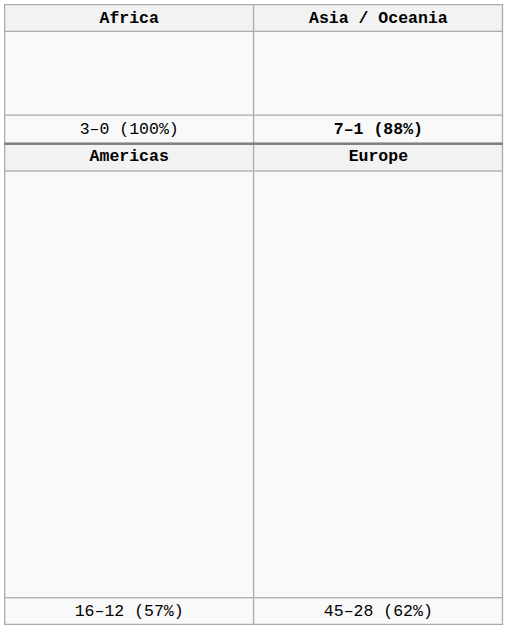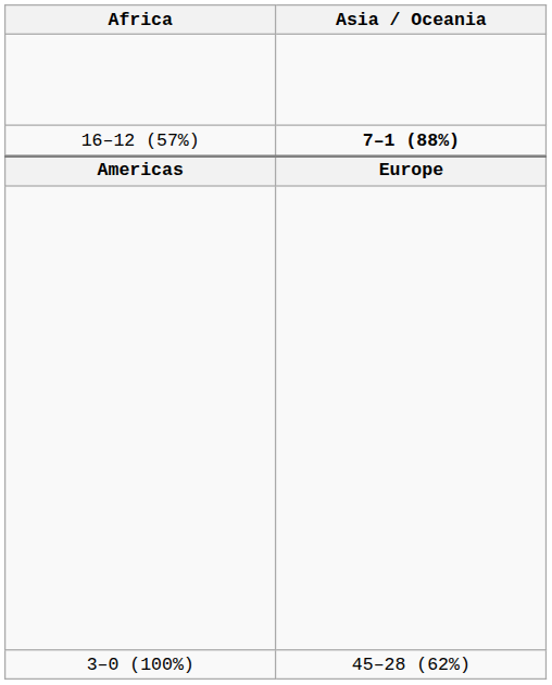 <table class="wikitable nowrap" style=text-align:center>
 <tr>
 <th width="190">Africa</th>
 <th width="190">Asia / Oceania</th>
 </tr>
 <tr>
 <td></td>
 <td><br><br><br><br></td>
 </tr>
 <tr>
-<td>3–0 (100%)</td>
+<td>16–12 (57%)</td>
 <td><strong>7–1 (88%)</strong></td>
 </tr>
 <tr style="border-top:2px solid gray;">
 <th>Americas</th>
 <th>Europe</th>
 </tr>
 <tr>
 <td><br><br><br><br><br><br><br><br></td>
 <td><br><br><br><br><br><br><br><br><br><br><br><br><br><br><br><br><br><br><br><br><br><br></td>
 </tr>
 <tr>
-<td>16–12 (57%)</td>
+<td>3–0 (100%)</td>
 <td>45–28 (62%)</td>
 </tr>
 </table>
